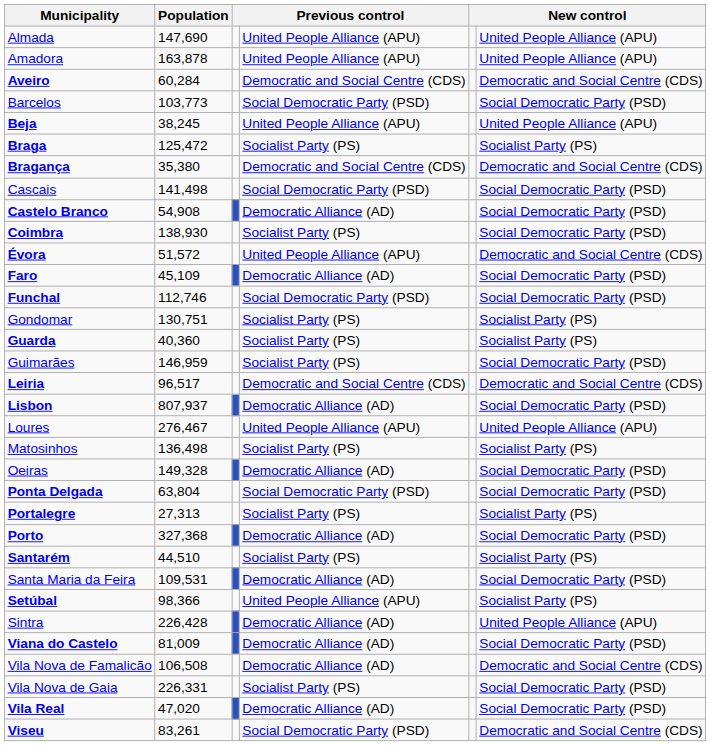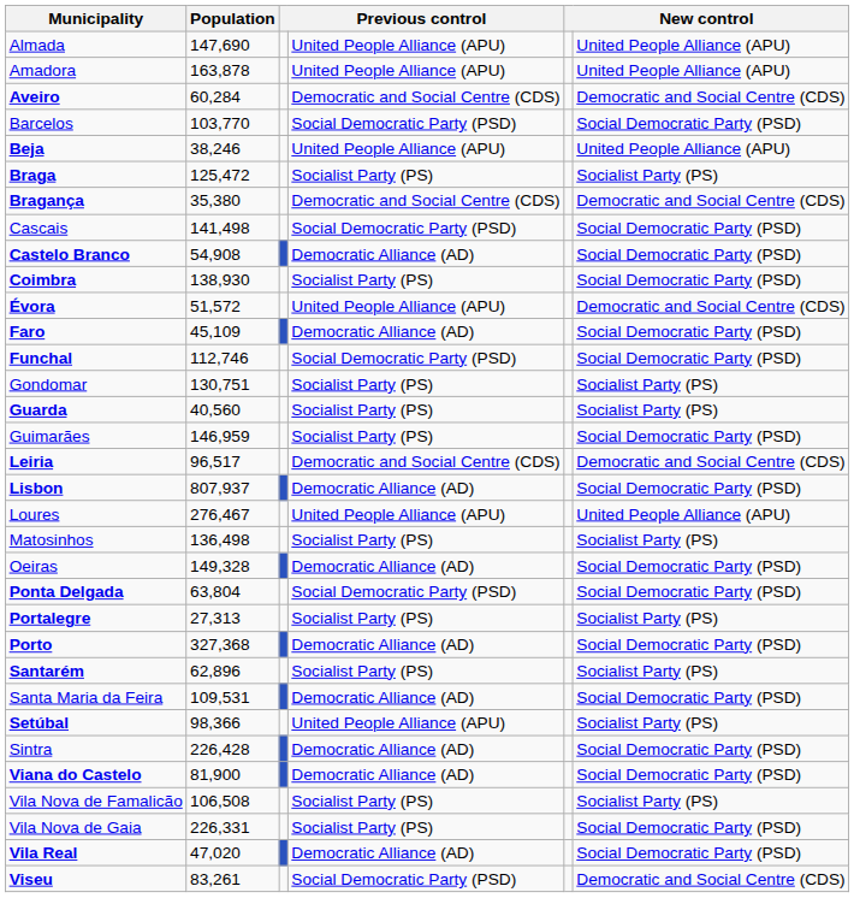 <table class="wikitable sortable" style="font-size:95%;">
 <tr>
 <th>Municipality</th>
 <th>Population</th>
 <th colspan="2" style="width:200px;">Previous control</th>
 <th colspan="2" style="width:200px;">New control</th>
 </tr>
 <tr>
 <td><a href='#'>Almada</a></td>
 <td>147,690</td>
 <td width="1" style="color:inherit;background:"></td>
 <td><a href='#'>United People Alliance</a> (APU)</td>
 <td width="1" style="color:inherit;background:"></td>
 <td><a href='#'>United People Alliance</a> (APU)</td>
 </tr>
 <tr>
 <td><a href='#'>Amadora</a></td>
 <td>163,878</td>
 <td width="1" style="color:inherit;background:"></td>
 <td><a href='#'>United People Alliance</a> (APU)</td>
 <td width="1" style="color:inherit;background:"></td>
 <td><a href='#'>United People Alliance</a> (APU)</td>
 </tr>
 <tr>
 <td><a href='#'><strong>Aveiro</strong></a></td>
 <td>60,284</td>
 <td width="1" style="color:inherit;background:"></td>
 <td><a href='#'>Democratic and Social Centre</a> (CDS)</td>
 <td width="1" style="color:inherit;background:"></td>
 <td><a href='#'>Democratic and Social Centre</a> (CDS)</td>
 </tr>
 <tr>
 <td><a href='#'>Barcelos</a></td>
-<td>103,773</td>
+<td>103,770</td>
 <td width="1" style="color:inherit;background:"></td>
 <td><a href='#'>Social Democratic Party</a> (PSD)</td>
 <td width="1" style="color:inherit;background:"></td>
 <td><a href='#'>Social Democratic Party</a> (PSD)</td>
 </tr>
 <tr>
 <td><a href='#'><strong>Beja</strong></a></td>
-<td>38,245</td>
+<td>38,246</td>
 <td width="1" style="color:inherit;background:"></td>
 <td><a href='#'>United People Alliance</a> (APU)</td>
 <td width="1" style="color:inherit;background:"></td>
 <td><a href='#'>United People Alliance</a> (APU)</td>
 </tr>
 <tr>
 <td><strong><a href='#'>Braga</a></strong></td>
 <td>125,472</td>
 <td width="1" style="color:inherit;background:"></td>
 <td><a href='#'>Socialist Party</a> (PS)</td>
 <td width="1" style="color:inherit;background:"></td>
 <td><a href='#'>Socialist Party</a> (PS)</td>
 </tr>
 <tr>
 <td><a href='#'><strong>Bragança</strong></a></td>
 <td>35,380</td>
 <td width="1" style="color:inherit;background:"></td>
 <td><a href='#'>Democratic and Social Centre</a> (CDS)</td>
 <td width="1" style="color:inherit;background:"></td>
 <td><a href='#'>Democratic and Social Centre</a> (CDS)</td>
 </tr>
 <tr>
 <td><a href='#'>Cascais</a></td>
 <td>141,498</td>
 <td width="1" style="color:inherit;background:"></td>
 <td><a href='#'>Social Democratic Party</a> (PSD)</td>
 <td width="1" style="color:inherit;background:"></td>
 <td><a href='#'>Social Democratic Party</a> (PSD)</td>
 </tr>
 <tr>
 <td><a href='#'><strong>Castelo Branco</strong></a></td>
 <td>54,908</td>
 <td width="1" style="color:inherit;background:#2A52BE"></td>
 <td><a href='#'>Democratic Alliance</a> (AD)</td>
 <td width="1" style="color:inherit;background:"></td>
 <td><a href='#'>Social Democratic Party</a> (PSD)</td>
 </tr>
 <tr>
 <td><strong><a href='#'>Coimbra</a></strong></td>
 <td>138,930</td>
 <td width="1" style="color:inherit;background:"></td>
 <td><a href='#'>Socialist Party</a> (PS)</td>
 <td width="1" style="color:inherit;background:"></td>
 <td><a href='#'>Social Democratic Party</a> (PSD)</td>
 </tr>
 <tr>
 <td><strong><a href='#'>Évora</a></strong></td>
 <td>51,572</td>
 <td width="1" style="color:inherit;background:"></td>
 <td><a href='#'>United People Alliance</a> (APU)</td>
 <td width="1" style="color:inherit;background:"></td>
 <td><a href='#'>Democratic and Social Centre</a> (CDS)</td>
 </tr>
 <tr>
 <td><a href='#'><strong>Faro</strong></a></td>
 <td>45,109</td>
 <td width="1" style="color:inherit;background:#2A52BE"></td>
 <td><a href='#'>Democratic Alliance</a> (AD)</td>
 <td width="1" style="color:inherit;background:"></td>
 <td><a href='#'>Social Democratic Party</a> (PSD)</td>
 </tr>
 <tr>
 <td><strong><a href='#'>Funchal</a></strong></td>
 <td>112,746</td>
 <td width="1" style="color:inherit;background:"></td>
 <td><a href='#'>Social Democratic Party</a> (PSD)</td>
 <td width="1" style="color:inherit;background:"></td>
 <td><a href='#'>Social Democratic Party</a> (PSD)</td>
 </tr>
 <tr>
 <td><a href='#'>Gondomar</a></td>
 <td>130,751</td>
 <td width="1" style="color:inherit;background:"></td>
 <td><a href='#'>Socialist Party</a> (PS)</td>
 <td width="1" style="color:inherit;background:"></td>
 <td><a href='#'>Socialist Party</a> (PS)</td>
 </tr>
 <tr>
 <td><a href='#'><strong>Guarda</strong></a></td>
-<td>40,360</td>
+<td>40,560</td>
 <td width="1" style="color:inherit;background:"></td>
 <td><a href='#'>Socialist Party</a> (PS)</td>
 <td width="1" style="color:inherit;background:"></td>
 <td><a href='#'>Socialist Party</a> (PS)</td>
 </tr>
 <tr>
 <td><a href='#'>Guimarães</a></td>
 <td>146,959</td>
 <td width="1" style="color:inherit;background:"></td>
 <td><a href='#'>Socialist Party</a> (PS)</td>
 <td width="1" style="color:inherit;background:"></td>
 <td><a href='#'>Social Democratic Party</a> (PSD)</td>
 </tr>
 <tr>
 <td><strong><a href='#'>Leiria</a></strong></td>
 <td>96,517</td>
 <td width="1" style="color:inherit;background:"></td>
 <td><a href='#'>Democratic and Social Centre</a> (CDS)</td>
 <td width="1" style="color:inherit;background:"></td>
 <td><a href='#'>Democratic and Social Centre</a> (CDS)</td>
 </tr>
 <tr>
 <td><strong><a href='#'>Lisbon</a></strong></td>
 <td>807,937</td>
 <td width="1" style="color:inherit;background:#2A52BE"></td>
 <td><a href='#'>Democratic Alliance</a> (AD)</td>
 <td width="1" style="color:inherit;background:"></td>
 <td><a href='#'>Social Democratic Party</a> (PSD)</td>
 </tr>
 <tr>
 <td><a href='#'>Loures</a></td>
 <td>276,467</td>
 <td width="1" style="color:inherit;background:"></td>
 <td><a href='#'>United People Alliance</a> (APU)</td>
 <td width="1" style="color:inherit;background:"></td>
 <td><a href='#'>United People Alliance</a> (APU)</td>
 </tr>
 <tr>
 <td><a href='#'>Matosinhos</a></td>
 <td>136,498</td>
 <td width="1" style="color:inherit;background:"></td>
 <td><a href='#'>Socialist Party</a> (PS)</td>
 <td width="1" style="color:inherit;background:"></td>
 <td><a href='#'>Socialist Party</a> (PS)</td>
 </tr>
 <tr>
 <td><a href='#'>Oeiras</a></td>
 <td>149,328</td>
 <td width="1" style="color:inherit;background:#2A52BE"></td>
 <td><a href='#'>Democratic Alliance</a> (AD)</td>
 <td width="1" style="color:inherit;background:"></td>
 <td><a href='#'>Social Democratic Party</a> (PSD)</td>
 </tr>
 <tr>
 <td><strong><a href='#'>Ponta Delgada</a></strong></td>
 <td>63,804</td>
 <td width="1" style="color:inherit;background:"></td>
 <td><a href='#'>Social Democratic Party</a> (PSD)</td>
 <td width="1" style="color:inherit;background:"></td>
 <td><a href='#'>Social Democratic Party</a> (PSD)</td>
 </tr>
 <tr>
 <td><a href='#'><strong>Portalegre</strong></a></td>
 <td>27,313</td>
 <td width="1" style="color:inherit;background:"></td>
 <td><a href='#'>Socialist Party</a> (PS)</td>
 <td width="1" style="color:inherit;background:"></td>
 <td><a href='#'>Socialist Party</a> (PS)</td>
 </tr>
 <tr>
 <td><strong><a href='#'>Porto</a></strong></td>
 <td>327,368</td>
 <td width="1" style="color:inherit;background:#2A52BE"></td>
 <td><a href='#'>Democratic Alliance</a> (AD)</td>
 <td width="1" style="color:inherit;background:"></td>
 <td><a href='#'>Social Democratic Party</a> (PSD)</td>
 </tr>
 <tr>
 <td><a href='#'><strong>Santarém</strong></a></td>
-<td>44,510</td>
+<td>62,896</td>
 <td width="1" style="color:inherit;background:"></td>
 <td><a href='#'>Socialist Party</a> (PS)</td>
 <td width="1" style="color:inherit;background:"></td>
 <td><a href='#'>Socialist Party</a> (PS)</td>
 </tr>
 <tr>
 <td><a href='#'>Santa Maria da Feira</a></td>
 <td>109,531</td>
 <td width="1" style="color:inherit;background:#2A52BE"></td>
 <td><a href='#'>Democratic Alliance</a> (AD)</td>
 <td width="1" style="color:inherit;background:"></td>
 <td><a href='#'>Social Democratic Party</a> (PSD)</td>
 </tr>
 <tr>
 <td><strong><a href='#'>Setúbal</a></strong></td>
 <td>98,366</td>
 <td width="1" style="color:inherit;background:"></td>
 <td><a href='#'>United People Alliance</a> (APU)</td>
 <td width="1" style="color:inherit;background:"></td>
 <td><a href='#'>Socialist Party</a> (PS)</td>
 </tr>
 <tr>
 <td><a href='#'>Sintra</a></td>
 <td>226,428</td>
 <td width="1" style="color:inherit;background:#2A52BE"></td>
 <td><a href='#'>Democratic Alliance</a> (AD)</td>
 <td width="1" style="color:inherit;background:"></td>
-<td><a href='#'>United People Alliance</a> (APU)</td>
+<td><a href='#'>Social Democratic Party</a> (PSD)</td>
 </tr>
 <tr>
 <td><strong><a href='#'>Viana do Castelo</a></strong></td>
-<td>81,009</td>
+<td>81,900</td>
 <td width="1" style="color:inherit;background:#2A52BE"></td>
 <td><a href='#'>Democratic Alliance</a> (AD)</td>
 <td width="1" style="color:inherit;background:"></td>
 <td><a href='#'>Social Democratic Party</a> (PSD)</td>
 </tr>
 <tr>
 <td><a href='#'>Vila Nova de Famalicão</a></td>
 <td>106,508</td>
 <td width="1" style="color:inherit;background:"></td>
-<td><a href='#'>Democratic Alliance</a> (AD)</td>
+<td><a href='#'>Socialist Party</a> (PS)</td>
 <td width="1" style="color:inherit;background:"></td>
-<td><a href='#'>Democratic and Social Centre</a> (CDS)</td>
+<td><a href='#'>Socialist Party</a> (PS)</td>
 </tr>
 <tr>
 <td><a href='#'>Vila Nova de Gaia</a></td>
 <td>226,331</td>
 <td width="1" style="color:inherit;background:"></td>
 <td><a href='#'>Socialist Party</a> (PS)</td>
 <td width="1" style="color:inherit;background:"></td>
 <td><a href='#'>Social Democratic Party</a> (PSD)</td>
 </tr>
 <tr>
 <td><strong><a href='#'>Vila Real</a></strong></td>
 <td>47,020</td>
 <td width="1" style="color:inherit;background:#2A52BE"></td>
 <td><a href='#'>Democratic Alliance</a> (AD)</td>
 <td width="1" style="color:inherit;background:"></td>
 <td><a href='#'>Social Democratic Party</a> (PSD)</td>
 </tr>
 <tr>
 <td><strong><a href='#'>Viseu</a></strong></td>
 <td>83,261</td>
 <td width="1" style="color:inherit;background:"></td>
 <td><a href='#'>Social Democratic Party</a> (PSD)</td>
 <td width="1" style="color:inherit;background:"></td>
 <td><a href='#'>Democratic and Social Centre</a> (CDS)</td>
 </tr>
 </table>
